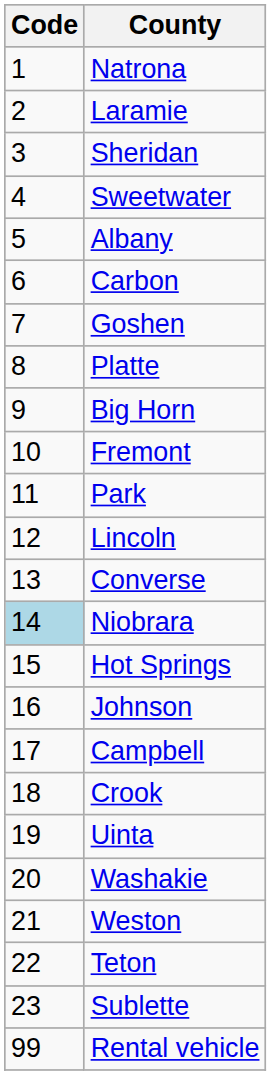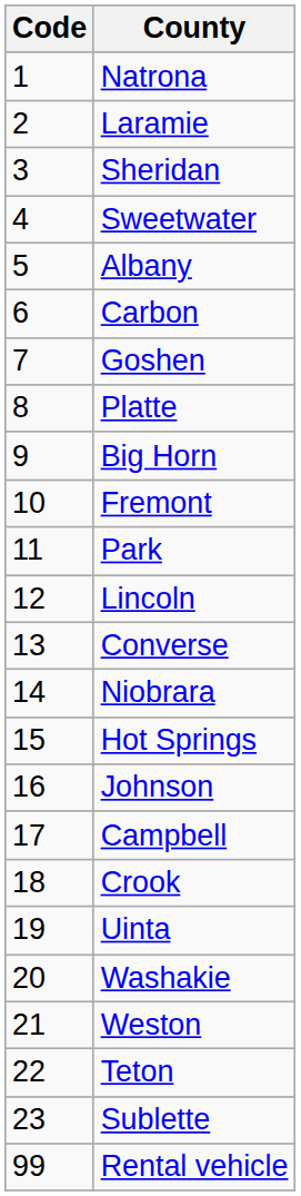 <table class="wikitable sortable">
 <tr>
 <th>Code</th>
 <th>County</th>
 </tr>
 <tr>
 <td>1</td>
 <td><a href='#'>Natrona</a></td>
 </tr>
 <tr>
 <td>2</td>
 <td><a href='#'>Laramie</a></td>
 </tr>
 <tr>
 <td>3</td>
 <td><a href='#'>Sheridan</a></td>
 </tr>
 <tr>
 <td>4</td>
 <td><a href='#'>Sweetwater</a></td>
 </tr>
 <tr>
 <td>5</td>
 <td><a href='#'>Albany</a></td>
 </tr>
 <tr>
 <td>6</td>
 <td><a href='#'>Carbon</a></td>
 </tr>
 <tr>
 <td>7</td>
 <td><a href='#'>Goshen</a></td>
 </tr>
 <tr>
 <td>8</td>
 <td><a href='#'>Platte</a></td>
 </tr>
 <tr>
 <td>9</td>
 <td><a href='#'>Big Horn</a></td>
 </tr>
 <tr>
 <td>10</td>
 <td><a href='#'>Fremont</a></td>
 </tr>
 <tr>
 <td>11</td>
 <td><a href='#'>Park</a></td>
 </tr>
 <tr>
 <td>12</td>
 <td><a href='#'>Lincoln</a></td>
 </tr>
 <tr>
 <td>13</td>
 <td><a href='#'>Converse</a></td>
 </tr>
 <tr>
-<td style="background: lightblue;">14</td>
+<td>14</td>
 <td><a href='#'>Niobrara</a></td>
 </tr>
 <tr>
 <td>15</td>
 <td><a href='#'>Hot Springs</a></td>
 </tr>
 <tr>
 <td>16</td>
 <td><a href='#'>Johnson</a></td>
 </tr>
 <tr>
 <td>17</td>
 <td><a href='#'>Campbell</a></td>
 </tr>
 <tr>
 <td>18</td>
 <td><a href='#'>Crook</a></td>
 </tr>
 <tr>
 <td>19</td>
 <td><a href='#'>Uinta</a></td>
 </tr>
 <tr>
 <td>20</td>
 <td><a href='#'>Washakie</a></td>
 </tr>
 <tr>
 <td>21</td>
 <td><a href='#'>Weston</a></td>
 </tr>
 <tr>
 <td>22</td>
 <td><a href='#'>Teton</a></td>
 </tr>
 <tr>
 <td>23</td>
 <td><a href='#'>Sublette</a></td>
 </tr>
 <tr>
 <td>99</td>
 <td><a href='#'>Rental vehicle</a></td>
 </tr>
 </table>
